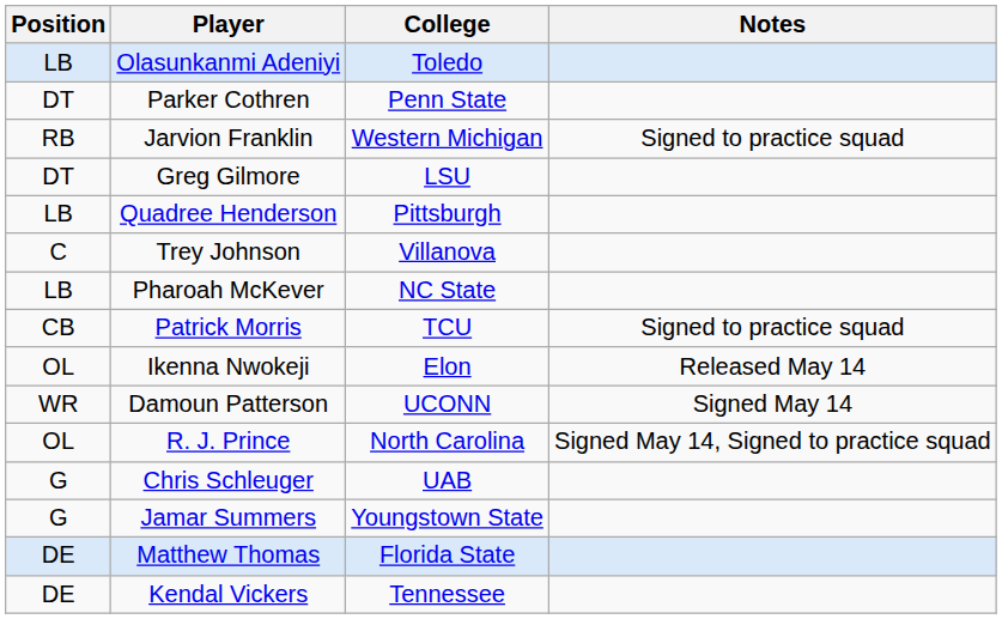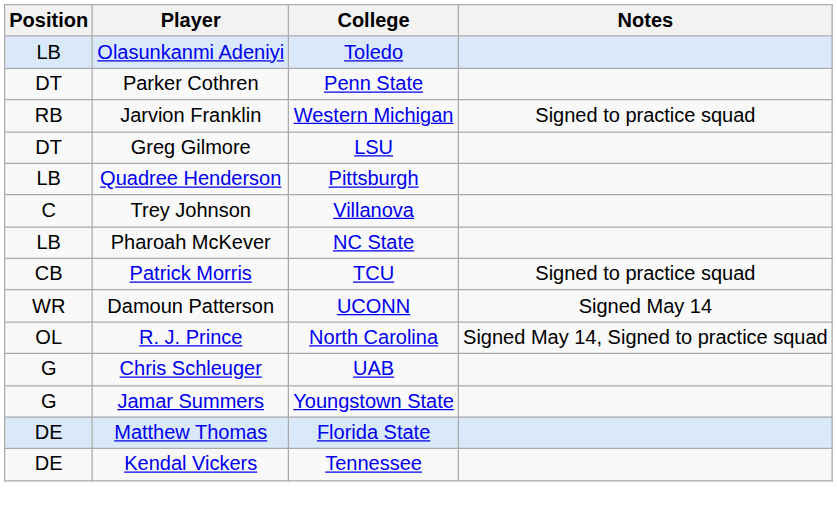 <table class="wikitable" style="text-align:center">
 <tr>
 <th>Position</th>
 <th>Player</th>
 <th>College</th>
 <th>Notes</th>
 </tr>
 <tr style="background:#d9e9f9;">
 <td>LB</td>
 <td><a href='#'>Olasunkanmi Adeniyi</a></td>
 <td><a href='#'>Toledo</a></td>
 <td></td>
 </tr>
 <tr>
 <td>DT</td>
 <td>Parker Cothren</td>
 <td><a href='#'>Penn State</a></td>
 <td></td>
 </tr>
 <tr>
 <td>RB</td>
 <td>Jarvion Franklin</td>
 <td><a href='#'>Western Michigan</a></td>
 <td>Signed to practice squad</td>
 </tr>
 <tr>
 <td>DT</td>
 <td>Greg Gilmore</td>
 <td><a href='#'>LSU</a></td>
 <td></td>
 </tr>
 <tr>
 <td>LB</td>
 <td><a href='#'>Quadree Henderson</a></td>
 <td><a href='#'>Pittsburgh</a></td>
 <td></td>
 </tr>
 <tr>
 <td>C</td>
 <td>Trey Johnson</td>
 <td><a href='#'>Villanova</a></td>
 <td></td>
 </tr>
 <tr>
 <td>LB</td>
 <td>Pharoah McKever</td>
 <td><a href='#'>NC State</a></td>
 <td></td>
 </tr>
 <tr>
 <td>CB</td>
 <td><a href='#'>Patrick Morris</a></td>
 <td><a href='#'>TCU</a></td>
 <td>Signed to practice squad</td>
 </tr>
 <tr>
-<td>OL</td>
-<td>Ikenna Nwokeji</td>
-<td><a href='#'>Elon</a></td>
-<td>Released May 14</td>
-</tr>
-<tr>
 <td>WR</td>
 <td>Damoun Patterson</td>
 <td><a href='#'>UCONN</a></td>
 <td>Signed May 14</td>
 </tr>
 <tr>
 <td>OL</td>
 <td><a href='#'>R. J. Prince</a></td>
 <td><a href='#'>North Carolina</a></td>
 <td>Signed May 14, Signed to practice squad</td>
 </tr>
 <tr>
 <td>G</td>
 <td><a href='#'>Chris Schleuger</a></td>
 <td><a href='#'>UAB</a></td>
 <td></td>
 </tr>
 <tr>
 <td>G</td>
 <td><a href='#'>Jamar Summers</a></td>
 <td><a href='#'>Youngstown State</a></td>
 <td></td>
 </tr>
 <tr style="background:#d9e9f9;">
 <td>DE</td>
 <td><a href='#'>Matthew Thomas</a></td>
 <td><a href='#'>Florida State</a></td>
 <td></td>
 </tr>
 <tr>
 <td>DE</td>
 <td><a href='#'>Kendal Vickers</a></td>
 <td><a href='#'>Tennessee</a></td>
 <td></td>
 </tr>
 </table>
